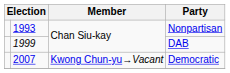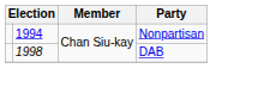 <table class="wikitable">
 <tr>
 <th colspan="2">Election</th>
 <th>Member</th>
 <th>Party</th>
 </tr>
 <tr>
 <td style="background-color: "></td>
-<td><a href='#'>1993</a></td>
+<td><a href='#'>1994</a></td>
 <td rowspan=2>Chan Siu-kay</td>
 <td><a href='#'>Nonpartisan</a></td>
 </tr>
 <tr>
 <td style="background-color: "></td>
-<td><em>1999</em></td>
+<td><em>1998</em></td>
 <td><a href='#'>DAB</a></td>
-</tr>
-<tr>
-<td style="background-color: "></td>
-<td><a href='#'>2007</a></td>
-<td><a href='#'>Kwong Chun-yu</a>→<em>Vacant</em></td>
-<td><a href='#'>Democratic</a></td>
 </tr>
 <tr>
 </tr>
 </table>
